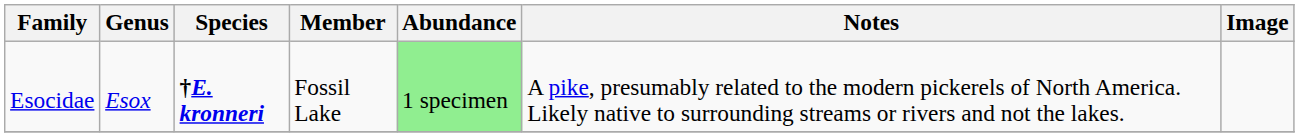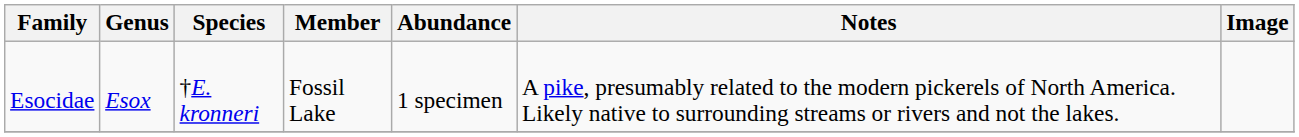 <table class="wikitable" style="margin:auto;width:100%;">
 <tr>
 <th>Family</th>
 <th>Genus</th>
 <th>Species</th>
 <th>Member</th>
 <th>Abundance</th>
 <th>Notes</th>
 <th>Image</th>
 </tr>
 <tr>
 <td><br><a href='#'>Esocidae</a></td>
 <td><br><em><a href='#'>Esox</a></em></td>
-<td><strong><br>†<em><a href='#'>E. kronneri</a></em> </strong></td>
+<td><br>†<em><a href='#'>E. kronneri</a></em> </td>
 <td><br>Fossil Lake</td>
-<td style="background: lightgreen;"><br>1 specimen</td>
+<td><br>1 specimen</td>
 <td><br>A <a href='#'>pike</a>, presumably related to the modern pickerels of North America. Likely native to surrounding streams or rivers and not the lakes.</td>
 <td><br></td>
 </tr>
 <tr>
 </tr>
 </table>
